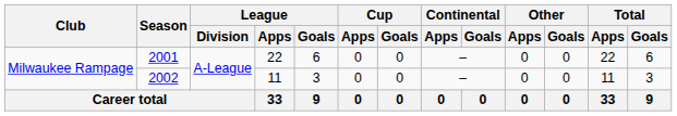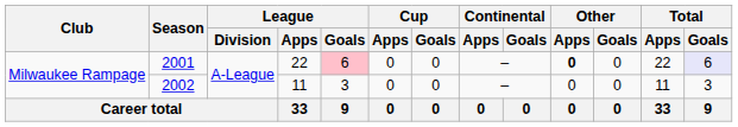 <table class="wikitable" style="text-align: center">
 <tr>
 <th rowspan="2">Club</th>
 <th rowspan="2">Season</th>
 <th colspan="3">League</th>
 <th colspan="2">Cup</th>
 <th colspan="2">Continental</th>
 <th colspan="2">Other</th>
 <th colspan="2">Total</th>
 </tr>
 <tr>
 <th>Division</th>
 <th>Apps</th>
 <th>Goals</th>
 <th>Apps</th>
 <th>Goals</th>
 <th>Apps</th>
 <th>Goals</th>
 <th>Apps</th>
 <th>Goals</th>
 <th>Apps</th>
 <th>Goals</th>
 </tr>
 <tr>
 <td rowspan="2"><a href='#'>Milwaukee Rampage</a></td>
 <td><a href='#'>2001</a></td>
 <td rowspan="2"><a href='#'>A-League</a></td>
 <td>22</td>
-<td>6</td>
+<td style="background: pink;">6</td>
 <td>0</td>
 <td>0</td>
 <td colspan="2">–</td>
-<td>0</td>
+<td><strong>0</strong></td>
 <td>0</td>
 <td>22</td>
-<td>6</td>
+<td style="background: lavender;">6</td>
 </tr>
 <tr>
 <td><a href='#'>2002</a></td>
 <td>11</td>
 <td>3</td>
 <td>0</td>
 <td>0</td>
 <td colspan="2">–</td>
 <td>0</td>
 <td>0</td>
 <td>11</td>
 <td>3</td>
 </tr>
 <tr>
 <th colspan="3"><strong>Career total</strong></th>
 <th>33</th>
 <th>9</th>
 <th>0</th>
 <th>0</th>
 <th>0</th>
 <th>0</th>
 <th>0</th>
 <th>0</th>
 <th>33</th>
 <th>9</th>
 </tr>
 </table>
